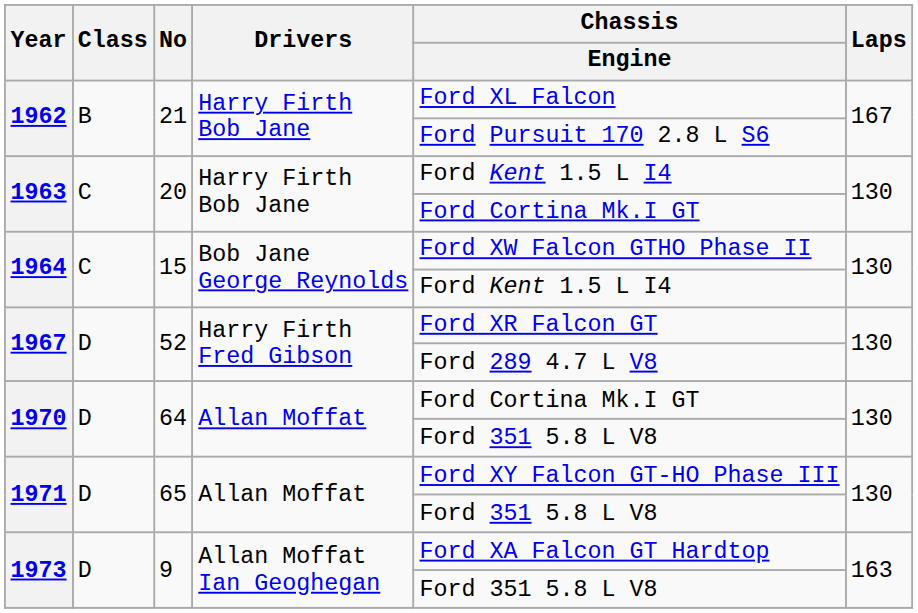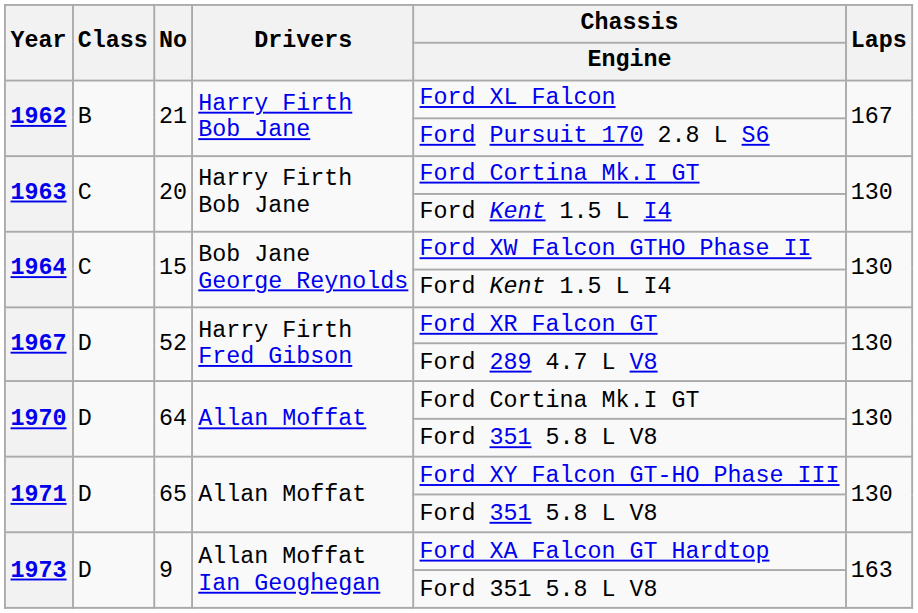 <table class="wikitable" style="font-size: 95%;">
 <tr>
 <th rowspan=2>Year</th>
 <th rowspan=2>Class</th>
 <th rowspan=2>No</th>
 <th rowspan=2>Drivers</th>
 <th>Chassis</th>
 <th rowspan=2>Laps</th>
 </tr>
 <tr>
 <th>Engine</th>
 </tr>
 <tr>
 <th rowspan=2><a href='#'>1962</a></th>
 <td rowspan=2>B</td>
 <td rowspan=2>21</td>
 <td rowspan=2> <a href='#'>Harry Firth</a><br> <a href='#'>Bob Jane</a></td>
 <td><a href='#'>Ford XL Falcon</a></td>
 <td rowspan=2>167</td>
 </tr>
 <tr>
 <td><a href='#'>Ford</a> <a href='#'>Pursuit 170</a> 2.8 L <a href='#'>S6</a></td>
 </tr>
 <tr>
 <th rowspan=2><a href='#'>1963</a></th>
 <td rowspan=2>C</td>
 <td rowspan=2>20</td>
 <td rowspan=2> Harry Firth<br> Bob Jane</td>
-<td>Ford <a href='#'><em>Kent</em></a> 1.5 L <a href='#'>I4</a></td>
+<td><a href='#'>Ford Cortina Mk.I GT</a></td>
 <td rowspan=2>130</td>
 </tr>
 <tr>
-<td><a href='#'>Ford Cortina Mk.I GT</a></td>
+<td>Ford <a href='#'><em>Kent</em></a> 1.5 L <a href='#'>I4</a></td>
 </tr>
 <tr>
 <th rowspan=2><a href='#'>1964</a></th>
 <td rowspan=2>C</td>
 <td rowspan=2>15</td>
 <td rowspan=2> Bob Jane<br> <a href='#'>George Reynolds</a></td>
 <td><a href='#'>Ford XW Falcon GTHO Phase II</a></td>
 <td rowspan=2>130</td>
 </tr>
 <tr>
 <td>Ford <em>Kent</em> 1.5 L I4</td>
 </tr>
 <tr>
 <th rowspan=2><a href='#'>1967</a></th>
 <td rowspan=2>D</td>
 <td rowspan=2>52</td>
 <td rowspan=2> Harry Firth<br> <a href='#'>Fred Gibson</a></td>
 <td><a href='#'>Ford XR Falcon GT</a></td>
 <td rowspan=2>130</td>
 </tr>
 <tr>
 <td>Ford <a href='#'>289</a> 4.7 L <a href='#'>V8</a></td>
 </tr>
 <tr>
 <th rowspan=2><a href='#'>1970</a></th>
 <td rowspan=2>D</td>
 <td rowspan=2>64</td>
 <td rowspan=2> <a href='#'>Allan Moffat</a></td>
 <td>Ford Cortina Mk.I GT</td>
 <td rowspan=2>130</td>
 </tr>
 <tr>
 <td>Ford <a href='#'>351</a> 5.8 L V8</td>
 </tr>
 <tr>
 <th rowspan=2><a href='#'>1971</a></th>
 <td rowspan=2>D</td>
 <td rowspan=2>65</td>
 <td rowspan=2> Allan Moffat</td>
 <td><a href='#'>Ford XY Falcon GT-HO Phase III</a></td>
 <td rowspan=2>130</td>
 </tr>
 <tr>
 <td>Ford <a href='#'>351</a> 5.8 L V8</td>
 </tr>
 <tr>
 <th rowspan=2><a href='#'>1973</a></th>
 <td rowspan=2>D</td>
 <td rowspan=2>9</td>
 <td rowspan=2> Allan Moffat<br> <a href='#'>Ian Geoghegan</a></td>
 <td><a href='#'>Ford XA Falcon GT Hardtop</a></td>
 <td rowspan=2>163</td>
 </tr>
 <tr>
 <td>Ford 351 5.8 L V8</td>
 </tr>
 </table>
